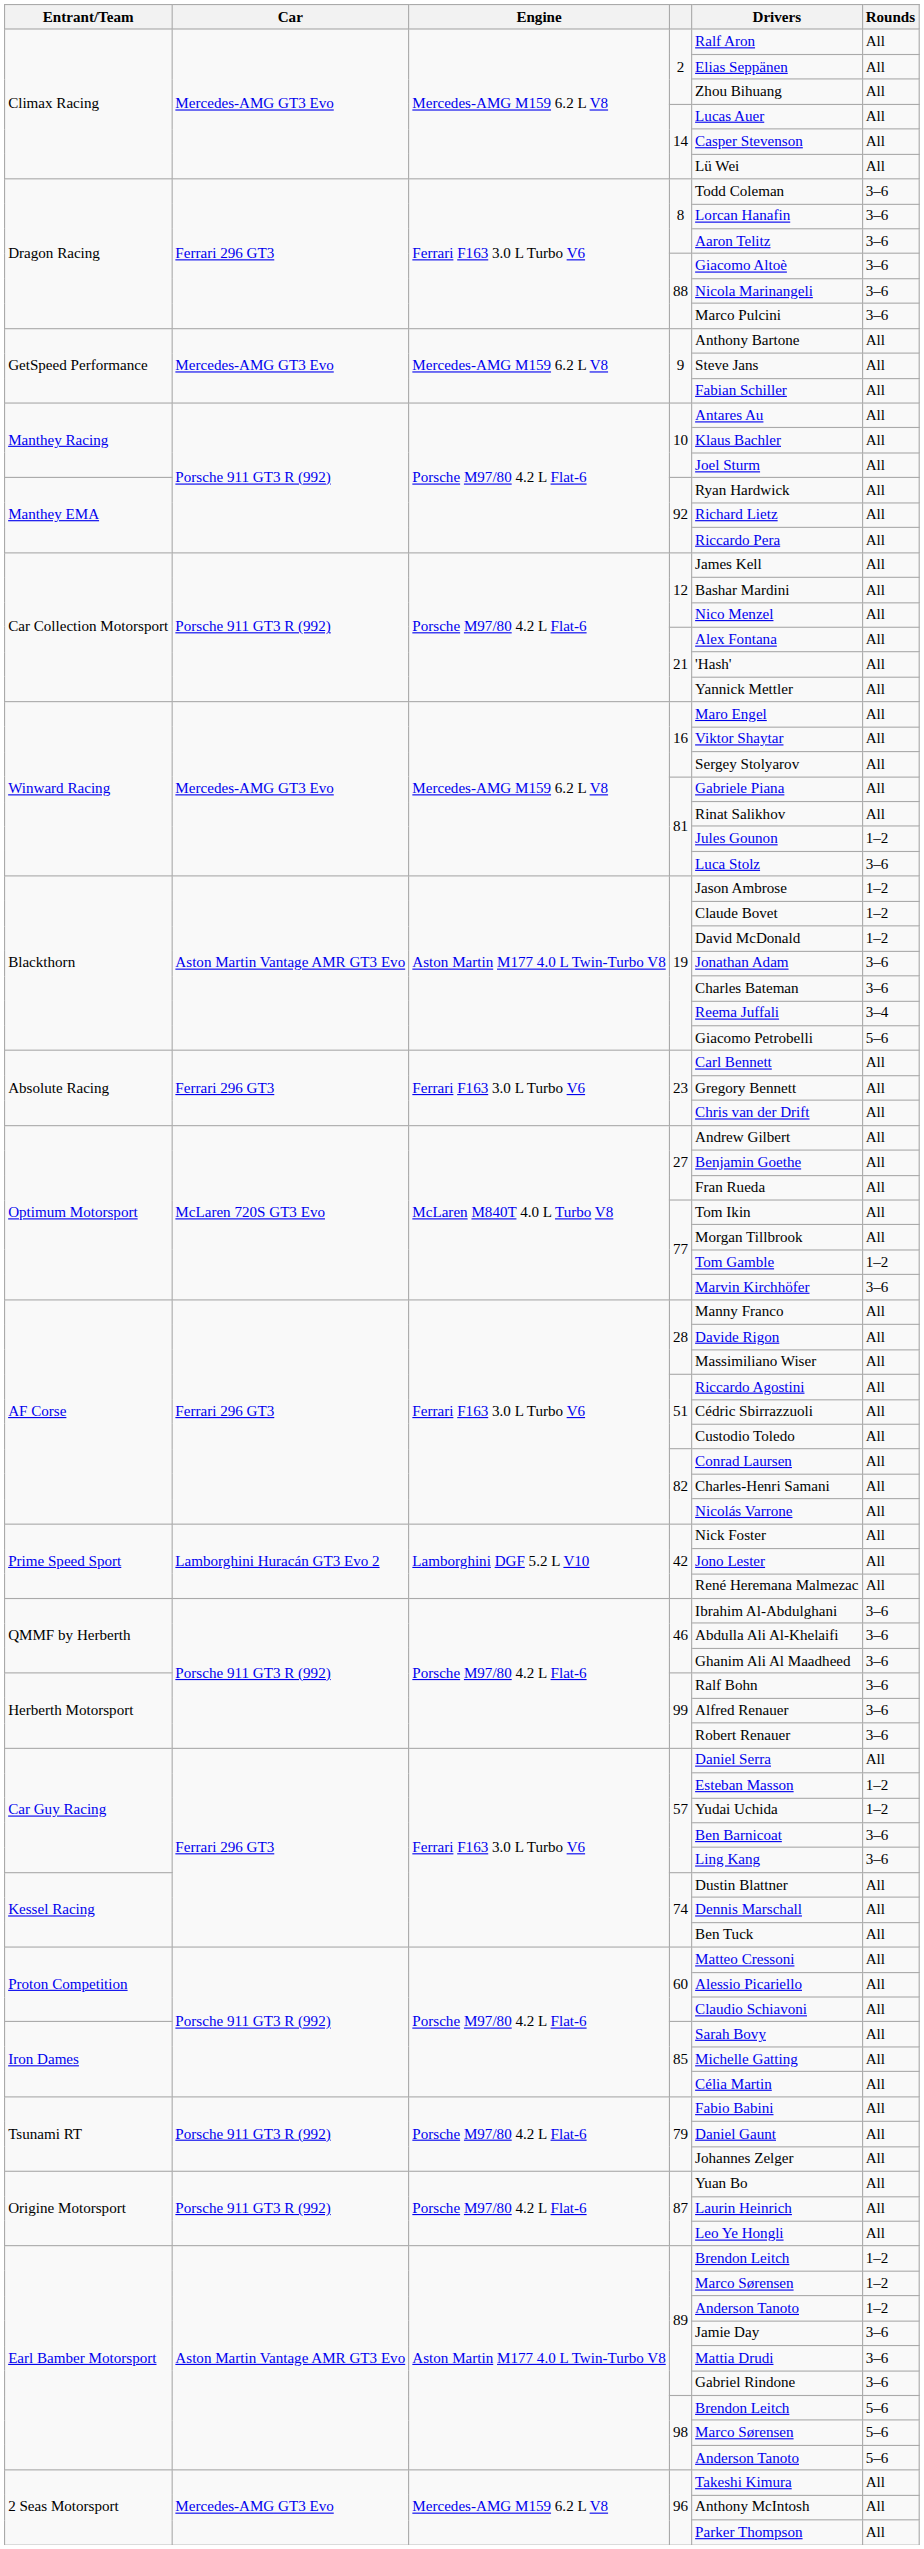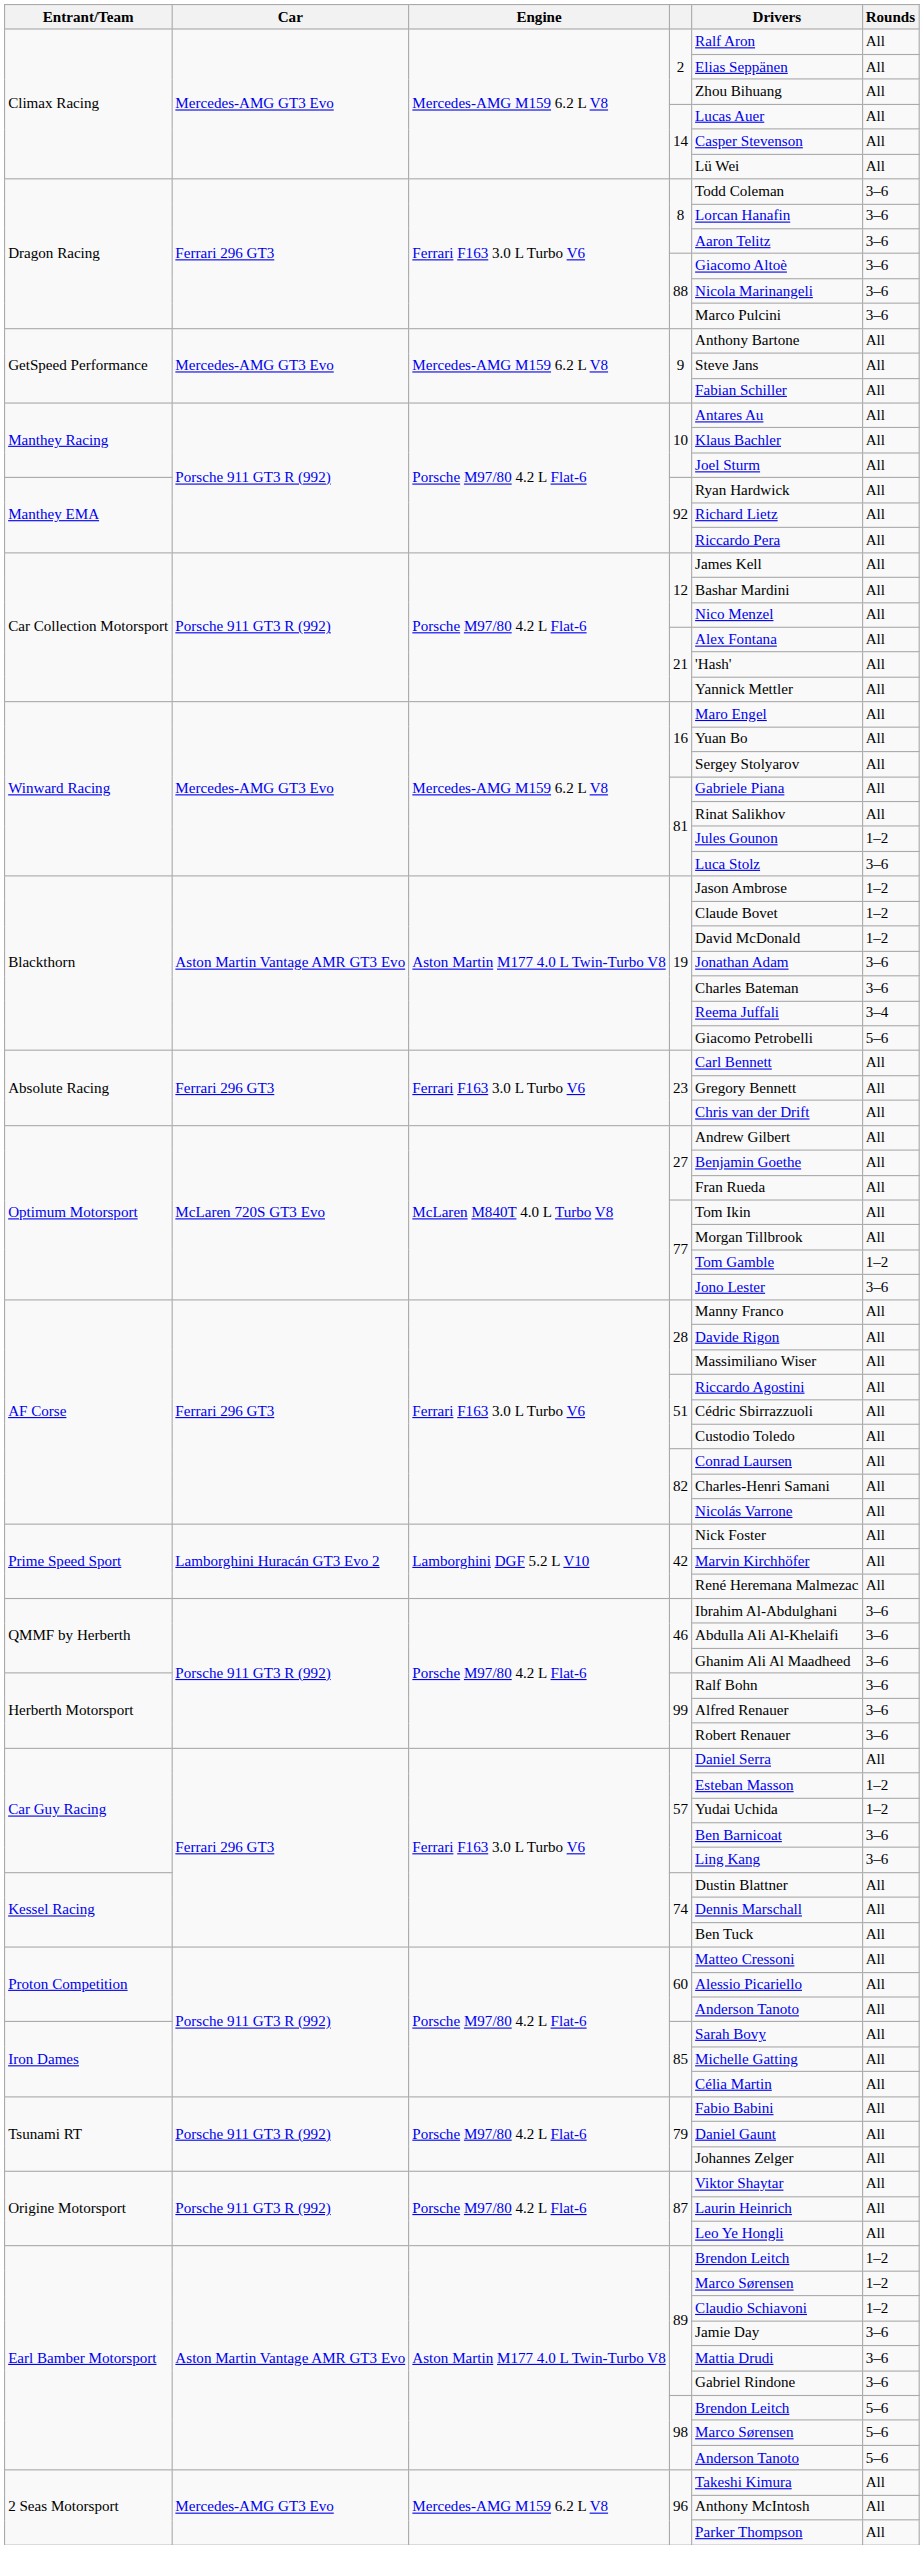 <table class="wikitable" style="font-size: 85%">
 <tr>
 <th>Entrant/Team</th>
 <th>Car</th>
 <th>Engine</th>
 <th></th>
 <th>Drivers</th>
 <th>Rounds</th>
 </tr>
 <tr>
 <td rowspan="6"> Climax Racing</td>
 <td rowspan="6"><a href='#'>Mercedes-AMG GT3 Evo</a></td>
 <td rowspan="6"><a href='#'>Mercedes-AMG M159</a> 6.2 L <a href='#'>V8</a></td>
 <td rowspan="3" align="center">2</td>
 <td> <a href='#'>Ralf Aron</a></td>
 <td>All</td>
 </tr>
 <tr>
 <td> <a href='#'>Elias Seppänen</a></td>
 <td>All</td>
 </tr>
 <tr>
 <td> Zhou Bihuang</td>
 <td>All</td>
 </tr>
 <tr>
 <td rowspan="3" align="center">14</td>
 <td> <a href='#'>Lucas Auer</a></td>
 <td>All</td>
 </tr>
 <tr>
 <td> <a href='#'>Casper Stevenson</a></td>
 <td>All</td>
 </tr>
 <tr>
 <td> Lü Wei</td>
 <td>All</td>
 </tr>
 <tr>
 <td rowspan="6"> Dragon Racing</td>
 <td rowspan="6"><a href='#'>Ferrari 296 GT3</a></td>
 <td rowspan="6"><a href='#'>Ferrari</a> <a href='#'>F163</a> 3.0 L Turbo <a href='#'>V6</a></td>
 <td rowspan="3" align="center">8</td>
 <td> Todd Coleman</td>
 <td>3–6</td>
 </tr>
 <tr>
 <td> <a href='#'>Lorcan Hanafin</a></td>
 <td>3–6</td>
 </tr>
 <tr>
 <td> <a href='#'>Aaron Telitz</a></td>
 <td>3–6</td>
 </tr>
 <tr>
 <td rowspan="3" align="center">88</td>
 <td> <a href='#'>Giacomo Altoè</a></td>
 <td>3–6</td>
 </tr>
 <tr>
 <td> <a href='#'>Nicola Marinangeli</a></td>
 <td>3–6</td>
 </tr>
 <tr>
 <td> Marco Pulcini</td>
 <td>3–6</td>
 </tr>
 <tr>
 <td rowspan="3"> GetSpeed Performance</td>
 <td rowspan="3"><a href='#'>Mercedes-AMG GT3 Evo</a></td>
 <td rowspan="3"><a href='#'>Mercedes-AMG M159</a> 6.2 L <a href='#'>V8</a></td>
 <td align=center rowspan="3">9</td>
 <td> Anthony Bartone</td>
 <td>All</td>
 </tr>
 <tr>
 <td> Steve Jans</td>
 <td>All</td>
 </tr>
 <tr>
 <td> <a href='#'>Fabian Schiller</a></td>
 <td>All</td>
 </tr>
 <tr>
 <td rowspan="3"> <a href='#'>Manthey Racing</a></td>
 <td rowspan="6"><a href='#'>Porsche 911 GT3 R (992)</a></td>
 <td rowspan="6"><a href='#'>Porsche</a> <a href='#'>M97/80</a> 4.2 L <a href='#'>Flat-6</a></td>
 <td rowspan="3" align="center">10</td>
 <td> <a href='#'>Antares Au</a></td>
 <td>All</td>
 </tr>
 <tr>
 <td> <a href='#'>Klaus Bachler</a></td>
 <td>All</td>
 </tr>
 <tr>
 <td> <a href='#'>Joel Sturm</a></td>
 <td>All</td>
 </tr>
 <tr>
 <td rowspan="3"> <a href='#'>Manthey EMA</a></td>
 <td rowspan="3" align="center">92</td>
 <td> Ryan Hardwick</td>
 <td>All</td>
 </tr>
 <tr>
 <td> <a href='#'>Richard Lietz</a></td>
 <td>All</td>
 </tr>
 <tr>
 <td> <a href='#'>Riccardo Pera</a></td>
 <td>All</td>
 </tr>
 <tr>
 <td rowspan="6"> Car Collection Motorsport</td>
 <td rowspan="6"><a href='#'>Porsche 911 GT3 R (992)</a></td>
 <td rowspan="6"><a href='#'>Porsche</a> <a href='#'>M97/80</a> 4.2 L <a href='#'>Flat-6</a></td>
 <td align=center rowspan="3">12</td>
 <td> James Kell</td>
 <td>All</td>
 </tr>
 <tr>
 <td> Bashar Mardini</td>
 <td>All</td>
 </tr>
 <tr>
 <td> <a href='#'>Nico Menzel</a></td>
 <td>All</td>
 </tr>
 <tr>
 <td align=center rowspan="3">21</td>
 <td> <a href='#'>Alex Fontana</a></td>
 <td>All</td>
 </tr>
 <tr>
 <td> 'Hash'</td>
 <td>All</td>
 </tr>
 <tr>
 <td> Yannick Mettler</td>
 <td>All</td>
 </tr>
 <tr>
 <td rowspan="7"> <a href='#'>Winward Racing</a></td>
 <td rowspan="7"><a href='#'>Mercedes-AMG GT3 Evo</a></td>
 <td rowspan="7"><a href='#'>Mercedes-AMG M159</a> 6.2 L <a href='#'>V8</a></td>
 <td rowspan="3" align="center">16</td>
 <td> <a href='#'>Maro Engel</a></td>
 <td>All</td>
 </tr>
 <tr>
-<td> <a href='#'>Viktor Shaytar</a></td>
+<td> Yuan Bo</td>
 <td>All</td>
 </tr>
 <tr>
 <td> Sergey Stolyarov</td>
 <td>All</td>
 </tr>
 <tr>
 <td rowspan="4" align="center">81</td>
 <td> <a href='#'>Gabriele Piana</a></td>
 <td>All</td>
 </tr>
 <tr>
 <td> Rinat Salikhov</td>
 <td>All</td>
 </tr>
 <tr>
 <td> <a href='#'>Jules Gounon</a></td>
 <td>1–2</td>
 </tr>
 <tr>
 <td> <a href='#'>Luca Stolz</a></td>
 <td>3–6</td>
 </tr>
 <tr>
 <td rowspan="7"> Blackthorn</td>
 <td rowspan="7"><a href='#'>Aston Martin Vantage AMR GT3 Evo</a></td>
 <td rowspan="7"><a href='#'>Aston Martin</a> <a href='#'>M177 4.0 L Twin-Turbo V8</a></td>
 <td rowspan="7" align="center">19</td>
 <td> Jason Ambrose</td>
 <td>1–2</td>
 </tr>
 <tr>
 <td> Claude Bovet</td>
 <td>1–2</td>
 </tr>
 <tr>
 <td> David McDonald</td>
 <td>1–2</td>
 </tr>
 <tr>
 <td> <a href='#'>Jonathan Adam</a></td>
 <td>3–6</td>
 </tr>
 <tr>
 <td> Charles Bateman</td>
 <td>3–6</td>
 </tr>
 <tr>
 <td> <a href='#'>Reema Juffali</a></td>
 <td>3–4</td>
 </tr>
 <tr>
 <td> Giacomo Petrobelli</td>
 <td>5–6</td>
 </tr>
 <tr>
 <td rowspan="3"> Absolute Racing</td>
 <td rowspan="3"><a href='#'>Ferrari 296 GT3</a></td>
 <td rowspan="3"><a href='#'>Ferrari</a> <a href='#'>F163</a> 3.0 L Turbo <a href='#'>V6</a></td>
 <td rowspan="3" align="center">23</td>
 <td> <a href='#'>Carl Bennett</a></td>
 <td>All</td>
 </tr>
 <tr>
 <td> Gregory Bennett</td>
 <td>All</td>
 </tr>
 <tr>
 <td> <a href='#'>Chris van der Drift</a></td>
 <td>All</td>
 </tr>
 <tr>
 <td rowspan="7"> <a href='#'>Optimum Motorsport</a></td>
 <td rowspan="7"><a href='#'>McLaren 720S GT3 Evo</a></td>
 <td rowspan="7"><a href='#'>McLaren</a> <a href='#'>M840T</a> 4.0 L <a href='#'>Turbo</a> <a href='#'>V8</a></td>
 <td rowspan="3" align="center">27</td>
 <td> Andrew Gilbert</td>
 <td>All</td>
 </tr>
 <tr>
 <td> <a href='#'>Benjamin Goethe</a></td>
 <td>All</td>
 </tr>
 <tr>
 <td> Fran Rueda</td>
 <td>All</td>
 </tr>
 <tr>
 <td rowspan="4" align="center">77</td>
 <td> Tom Ikin</td>
 <td>All</td>
 </tr>
 <tr>
 <td> Morgan Tillbrook</td>
 <td>All</td>
 </tr>
 <tr>
 <td> <a href='#'>Tom Gamble</a></td>
 <td>1–2</td>
 </tr>
 <tr>
-<td> <a href='#'>Marvin Kirchhöfer</a></td>
+<td> <a href='#'>Jono Lester</a></td>
 <td>3–6</td>
 </tr>
 <tr>
 <td rowspan="9"> <a href='#'>AF Corse</a></td>
 <td rowspan="9"><a href='#'>Ferrari 296 GT3</a></td>
 <td rowspan="9"><a href='#'>Ferrari</a> <a href='#'>F163</a> 3.0 L Turbo <a href='#'>V6</a></td>
 <td rowspan="3" align="center">28</td>
 <td> Manny Franco</td>
 <td>All</td>
 </tr>
 <tr>
 <td> <a href='#'>Davide Rigon</a></td>
 <td>All</td>
 </tr>
 <tr>
 <td> Massimiliano Wiser</td>
 <td>All</td>
 </tr>
 <tr>
 <td rowspan="3" align="center">51</td>
 <td> <a href='#'>Riccardo Agostini</a></td>
 <td>All</td>
 </tr>
 <tr>
 <td> Cédric Sbirrazzuoli</td>
 <td>All</td>
 </tr>
 <tr>
 <td> Custodio Toledo</td>
 <td>All</td>
 </tr>
 <tr>
 <td rowspan="3" align="center">82</td>
 <td> <a href='#'>Conrad Laursen</a></td>
 <td>All</td>
 </tr>
 <tr>
 <td> Charles-Henri Samani</td>
 <td>All</td>
 </tr>
 <tr>
 <td> <a href='#'>Nicolás Varrone</a></td>
 <td>All</td>
 </tr>
 <tr>
 <td rowspan="3"> <a href='#'>Prime Speed Sport</a></td>
 <td rowspan="3"><a href='#'>Lamborghini Huracán GT3 Evo 2</a></td>
 <td rowspan="3"><a href='#'>Lamborghini</a> <a href='#'>DGF</a> 5.2 L <a href='#'>V10</a></td>
 <td rowspan="3" align="center">42</td>
 <td> Nick Foster</td>
 <td>All</td>
 </tr>
 <tr>
-<td> <a href='#'>Jono Lester</a></td>
+<td> <a href='#'>Marvin Kirchhöfer</a></td>
 <td>All</td>
 </tr>
 <tr>
 <td> René Heremana Malmezac</td>
 <td>All</td>
 </tr>
 <tr>
 <td rowspan="3"> QMMF by Herberth</td>
 <td rowspan="6"><a href='#'>Porsche 911 GT3 R (992)</a></td>
 <td rowspan="6"><a href='#'>Porsche</a> <a href='#'>M97/80</a> 4.2 L <a href='#'>Flat-6</a></td>
 <td rowspan="3" align="center">46</td>
 <td> Ibrahim Al-Abdulghani</td>
 <td>3–6</td>
 </tr>
 <tr>
 <td> Abdulla Ali Al-Khelaifi</td>
 <td>3–6</td>
 </tr>
 <tr>
 <td> Ghanim Ali Al Maadheed</td>
 <td>3–6</td>
 </tr>
 <tr>
 <td rowspan="3"> Herberth Motorsport</td>
 <td rowspan="3" align="center">99</td>
 <td> Ralf Bohn</td>
 <td>3–6</td>
 </tr>
 <tr>
 <td> Alfred Renauer</td>
 <td>3–6</td>
 </tr>
 <tr>
 <td> Robert Renauer</td>
 <td>3–6</td>
 </tr>
 <tr>
 <td rowspan="5"> <a href='#'>Car Guy Racing</a></td>
 <td rowspan="8"><a href='#'>Ferrari 296 GT3</a></td>
 <td rowspan="8"><a href='#'>Ferrari</a> <a href='#'>F163</a> 3.0 L Turbo <a href='#'>V6</a></td>
 <td rowspan="5" align="center">57</td>
 <td> <a href='#'>Daniel Serra</a></td>
 <td>All</td>
 </tr>
 <tr>
 <td> <a href='#'>Esteban Masson</a></td>
 <td>1–2</td>
 </tr>
 <tr>
 <td> Yudai Uchida</td>
 <td>1–2</td>
 </tr>
 <tr>
 <td> <a href='#'>Ben Barnicoat</a></td>
 <td>3–6</td>
 </tr>
 <tr>
 <td> <a href='#'>Ling Kang</a></td>
 <td>3–6</td>
 </tr>
 <tr>
 <td rowspan="3"> <a href='#'>Kessel Racing</a></td>
 <td rowspan="3" align="center">74</td>
 <td> Dustin Blattner</td>
 <td>All</td>
 </tr>
 <tr>
 <td> <a href='#'>Dennis Marschall</a></td>
 <td>All</td>
 </tr>
 <tr>
 <td> Ben Tuck</td>
 <td>All</td>
 </tr>
 <tr>
 <td rowspan="3"> <a href='#'>Proton Competition</a></td>
 <td rowspan="6"><a href='#'>Porsche 911 GT3 R (992)</a></td>
 <td rowspan="6"><a href='#'>Porsche</a> <a href='#'>M97/80</a> 4.2 L <a href='#'>Flat-6</a></td>
 <td align=center rowspan="3">60</td>
 <td> <a href='#'>Matteo Cressoni</a></td>
 <td>All</td>
 </tr>
 <tr>
 <td> <a href='#'>Alessio Picariello</a></td>
 <td>All</td>
 </tr>
 <tr>
-<td> <a href='#'>Claudio Schiavoni</a></td>
+<td> <a href='#'>Anderson Tanoto</a></td>
 <td>All</td>
 </tr>
 <tr>
 <td rowspan="3"> <a href='#'>Iron Dames</a></td>
 <td align=center rowspan="3">85</td>
 <td> <a href='#'>Sarah Bovy</a></td>
 <td>All</td>
 </tr>
 <tr>
 <td> <a href='#'>Michelle Gatting</a></td>
 <td>All</td>
 </tr>
 <tr>
 <td> <a href='#'>Célia Martin</a></td>
 <td>All</td>
 </tr>
 <tr>
 <td rowspan="3"> Tsunami RT</td>
 <td rowspan="3"><a href='#'>Porsche 911 GT3 R (992)</a></td>
 <td rowspan="3"><a href='#'>Porsche</a> <a href='#'>M97/80</a> 4.2 L <a href='#'>Flat-6</a></td>
 <td rowspan="3" align="center">79</td>
 <td> <a href='#'>Fabio Babini</a></td>
 <td>All</td>
 </tr>
 <tr>
 <td> <a href='#'>Daniel Gaunt</a></td>
 <td>All</td>
 </tr>
 <tr>
 <td> Johannes Zelger</td>
 <td>All</td>
 </tr>
 <tr>
 <td rowspan="3"> Origine Motorsport</td>
 <td rowspan="3"><a href='#'>Porsche 911 GT3 R (992)</a></td>
 <td rowspan="3"><a href='#'>Porsche</a> <a href='#'>M97/80</a> 4.2 L <a href='#'>Flat-6</a></td>
 <td rowspan="3" align="center">87</td>
-<td> Yuan Bo</td>
+<td> <a href='#'>Viktor Shaytar</a></td>
 <td>All</td>
 </tr>
 <tr>
 <td> <a href='#'>Laurin Heinrich</a></td>
 <td>All</td>
 </tr>
 <tr>
 <td> <a href='#'>Leo Ye Hongli</a></td>
 <td>All</td>
 </tr>
 <tr>
 <td rowspan="9"> <a href='#'>Earl Bamber Motorsport</a></td>
 <td rowspan="9"><a href='#'>Aston Martin Vantage AMR GT3 Evo</a></td>
 <td rowspan="9"><a href='#'>Aston Martin</a> <a href='#'>M177 4.0 L Twin-Turbo V8</a></td>
 <td rowspan="6" align="center">89</td>
 <td> <a href='#'>Brendon Leitch</a></td>
 <td>1–2</td>
 </tr>
 <tr>
 <td> <a href='#'>Marco Sørensen</a></td>
 <td>1–2</td>
 </tr>
 <tr>
-<td> <a href='#'>Anderson Tanoto</a></td>
+<td> <a href='#'>Claudio Schiavoni</a></td>
 <td>1–2</td>
 </tr>
 <tr>
 <td> Jamie Day</td>
 <td>3–6</td>
 </tr>
 <tr>
 <td> <a href='#'>Mattia Drudi</a></td>
 <td>3–6</td>
 </tr>
 <tr>
 <td> Gabriel Rindone</td>
 <td>3–6</td>
 </tr>
 <tr>
 <td rowspan="3" align="center">98</td>
 <td> <a href='#'>Brendon Leitch</a></td>
 <td>5–6</td>
 </tr>
 <tr>
 <td> <a href='#'>Marco Sørensen</a></td>
 <td>5–6</td>
 </tr>
 <tr>
 <td> <a href='#'>Anderson Tanoto</a></td>
 <td>5–6</td>
 </tr>
 <tr>
 <td rowspan="3"> 2 Seas Motorsport</td>
 <td rowspan="3"><a href='#'>Mercedes-AMG GT3 Evo</a></td>
 <td rowspan="3"><a href='#'>Mercedes-AMG M159</a> 6.2 L <a href='#'>V8</a></td>
 <td rowspan="3" align="center">96</td>
 <td> <a href='#'>Takeshi Kimura</a></td>
 <td>All</td>
 </tr>
 <tr>
 <td> Anthony McIntosh</td>
 <td>All</td>
 </tr>
 <tr>
 <td> <a href='#'>Parker Thompson</a></td>
 <td>All</td>
 </tr>
 <tr>
 </tr>
 </table>
